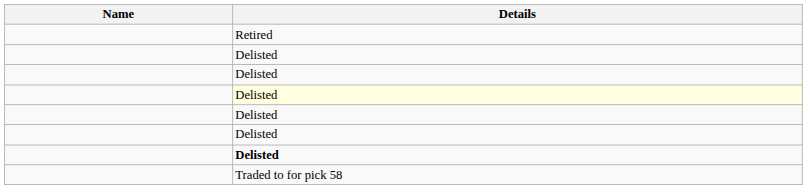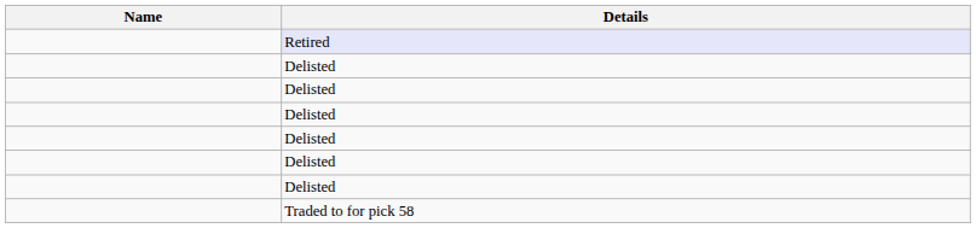 <table class="wikitable sortable" style="width:80%;">
 <tr style="background:#efefef;">
 <th width=6%>Name</th>
 <th width=15%>Details</th>
 </tr>
 <tr>
 <td></td>
-<td>Retired</td>
+<td style="background: lavender;">Retired</td>
 </tr>
 <tr>
 <td></td>
 <td>Delisted</td>
 </tr>
 <tr>
 <td></td>
 <td>Delisted</td>
 </tr>
 <tr>
 <td></td>
-<td style="background: lightyellow;">Delisted</td>
+<td>Delisted</td>
 </tr>
 <tr>
 <td></td>
 <td>Delisted</td>
 </tr>
 <tr>
 <td></td>
 <td>Delisted</td>
 </tr>
 <tr>
 <td></td>
-<td><strong>Delisted</strong></td>
+<td>Delisted</td>
 </tr>
 <tr>
 <td></td>
 <td>Traded to  for pick 58</td>
 </tr>
 </table>
